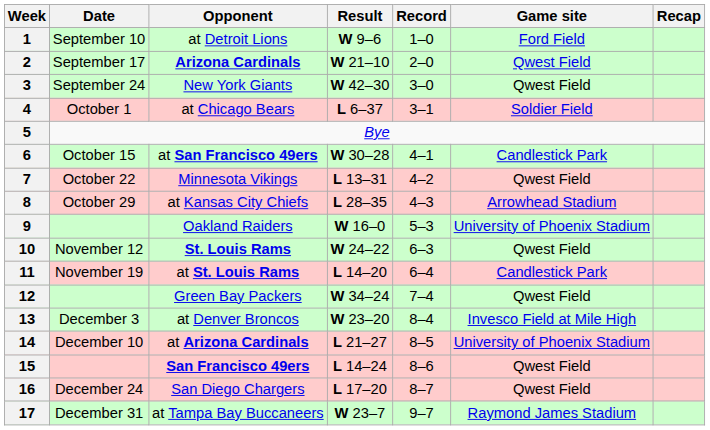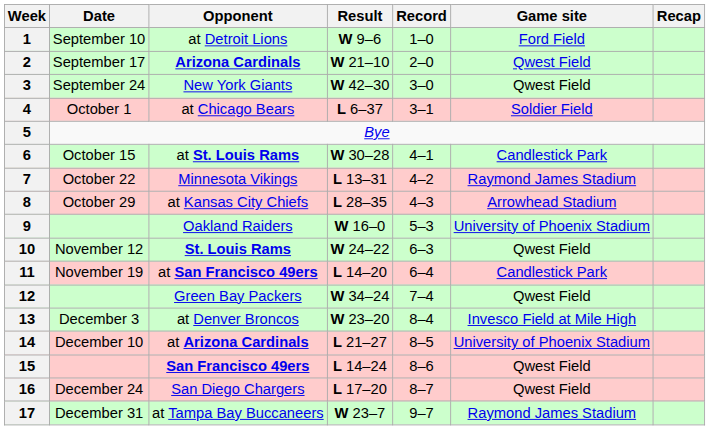 <table class="wikitable" style="text-align:center">
 <tr>
 <th>Week</th>
 <th>Date</th>
 <th>Opponent</th>
 <th>Result</th>
 <th>Record</th>
 <th>Game site</th>
 <th>Recap</th>
 </tr>
 <tr style="background:#cfc">
 <th>1</th>
 <td>September 10</td>
 <td>at <a href='#'>Detroit Lions</a></td>
 <td><strong>W</strong> 9–6</td>
 <td>1–0</td>
 <td><a href='#'>Ford Field</a></td>
 <td></td>
 </tr>
 <tr style="background:#cfc">
 <th>2</th>
 <td>September 17</td>
 <td><strong><a href='#'>Arizona Cardinals</a></strong></td>
 <td><strong>W</strong> 21–10</td>
 <td>2–0</td>
 <td><a href='#'>Qwest Field</a></td>
 <td></td>
 </tr>
 <tr style="background:#cfc">
 <th>3</th>
 <td>September 24</td>
 <td><a href='#'>New York Giants</a></td>
 <td><strong>W</strong> 42–30</td>
 <td>3–0</td>
 <td>Qwest Field</td>
 <td></td>
 </tr>
 <tr style="background:#fcc">
 <th>4</th>
 <td>October 1</td>
 <td>at <a href='#'>Chicago Bears</a></td>
 <td><strong>L</strong> 6–37</td>
 <td>3–1</td>
 <td><a href='#'>Soldier Field</a></td>
 <td></td>
 </tr>
 <tr>
 <th>5</th>
 <td colspan="6"><em><a href='#'>Bye</a></em></td>
 </tr>
 <tr style="background:#cfc">
 <th>6</th>
 <td>October 15</td>
-<td>at <strong><a href='#'>San Francisco 49ers</a></strong></td>
+<td>at <strong><a href='#'>St. Louis Rams</a></strong></td>
 <td><strong>W</strong> 30–28</td>
 <td>4–1</td>
 <td><a href='#'>Candlestick Park</a></td>
 <td></td>
 </tr>
 <tr style="background:#fcc">
 <th>7</th>
 <td>October 22</td>
 <td><a href='#'>Minnesota Vikings</a></td>
 <td><strong>L</strong> 13–31</td>
 <td>4–2</td>
-<td>Qwest Field</td>
+<td><a href='#'>Raymond James Stadium</a></td>
 <td></td>
 </tr>
 <tr style="background:#fcc">
 <th>8</th>
 <td>October 29</td>
 <td>at <a href='#'>Kansas City Chiefs</a></td>
 <td><strong>L</strong> 28–35</td>
 <td>4–3</td>
 <td><a href='#'>Arrowhead Stadium</a></td>
 <td></td>
 </tr>
 <tr style="background:#cfc">
 <th>9</th>
 <td></td>
 <td><a href='#'>Oakland Raiders</a></td>
 <td><strong>W</strong> 16–0</td>
 <td>5–3</td>
 <td><a href='#'>University of Phoenix Stadium</a></td>
 <td></td>
 </tr>
 <tr style="background:#cfc">
 <th>10</th>
 <td>November 12</td>
 <td><strong><a href='#'>St. Louis Rams</a></strong></td>
 <td><strong>W</strong> 24–22</td>
 <td>6–3</td>
 <td>Qwest Field</td>
 <td></td>
 </tr>
 <tr style="background:#fcc">
 <th>11</th>
 <td>November 19</td>
-<td>at <strong><a href='#'>St. Louis Rams</a></strong></td>
+<td>at <strong><a href='#'>San Francisco 49ers</a></strong></td>
 <td><strong>L</strong> 14–20</td>
 <td>6–4</td>
 <td><a href='#'>Candlestick Park</a></td>
 <td></td>
 </tr>
 <tr style="background:#cfc">
 <th>12</th>
 <td></td>
 <td><a href='#'>Green Bay Packers</a></td>
 <td><strong>W</strong> 34–24</td>
 <td>7–4</td>
 <td>Qwest Field</td>
 <td></td>
 </tr>
 <tr style="background:#cfc">
 <th>13</th>
 <td>December 3</td>
 <td>at <a href='#'>Denver Broncos</a></td>
 <td><strong>W</strong> 23–20</td>
 <td>8–4</td>
 <td><a href='#'>Invesco Field at Mile High</a></td>
 <td></td>
 </tr>
 <tr style="background:#fcc">
 <th>14</th>
 <td>December 10</td>
 <td>at <strong><a href='#'>Arizona Cardinals</a></strong></td>
 <td><strong>L</strong> 21–27</td>
 <td>8–5</td>
 <td><a href='#'>University of Phoenix Stadium</a></td>
 <td></td>
 </tr>
 <tr style="background:#fcc">
 <th>15</th>
 <td></td>
 <td><strong><a href='#'>San Francisco 49ers</a></strong></td>
 <td><strong>L</strong> 14–24</td>
 <td>8–6</td>
 <td>Qwest Field</td>
 <td></td>
 </tr>
 <tr style="background:#fcc">
 <th>16</th>
 <td>December 24</td>
 <td><a href='#'>San Diego Chargers</a></td>
 <td><strong>L</strong> 17–20</td>
 <td>8–7</td>
 <td>Qwest Field</td>
 <td></td>
 </tr>
 <tr style="background:#cfc">
 <th>17</th>
 <td>December 31</td>
 <td>at <a href='#'>Tampa Bay Buccaneers</a></td>
 <td><strong>W</strong> 23–7</td>
 <td>9–7</td>
 <td><a href='#'>Raymond James Stadium</a></td>
 <td></td>
 </tr>
 </table>
